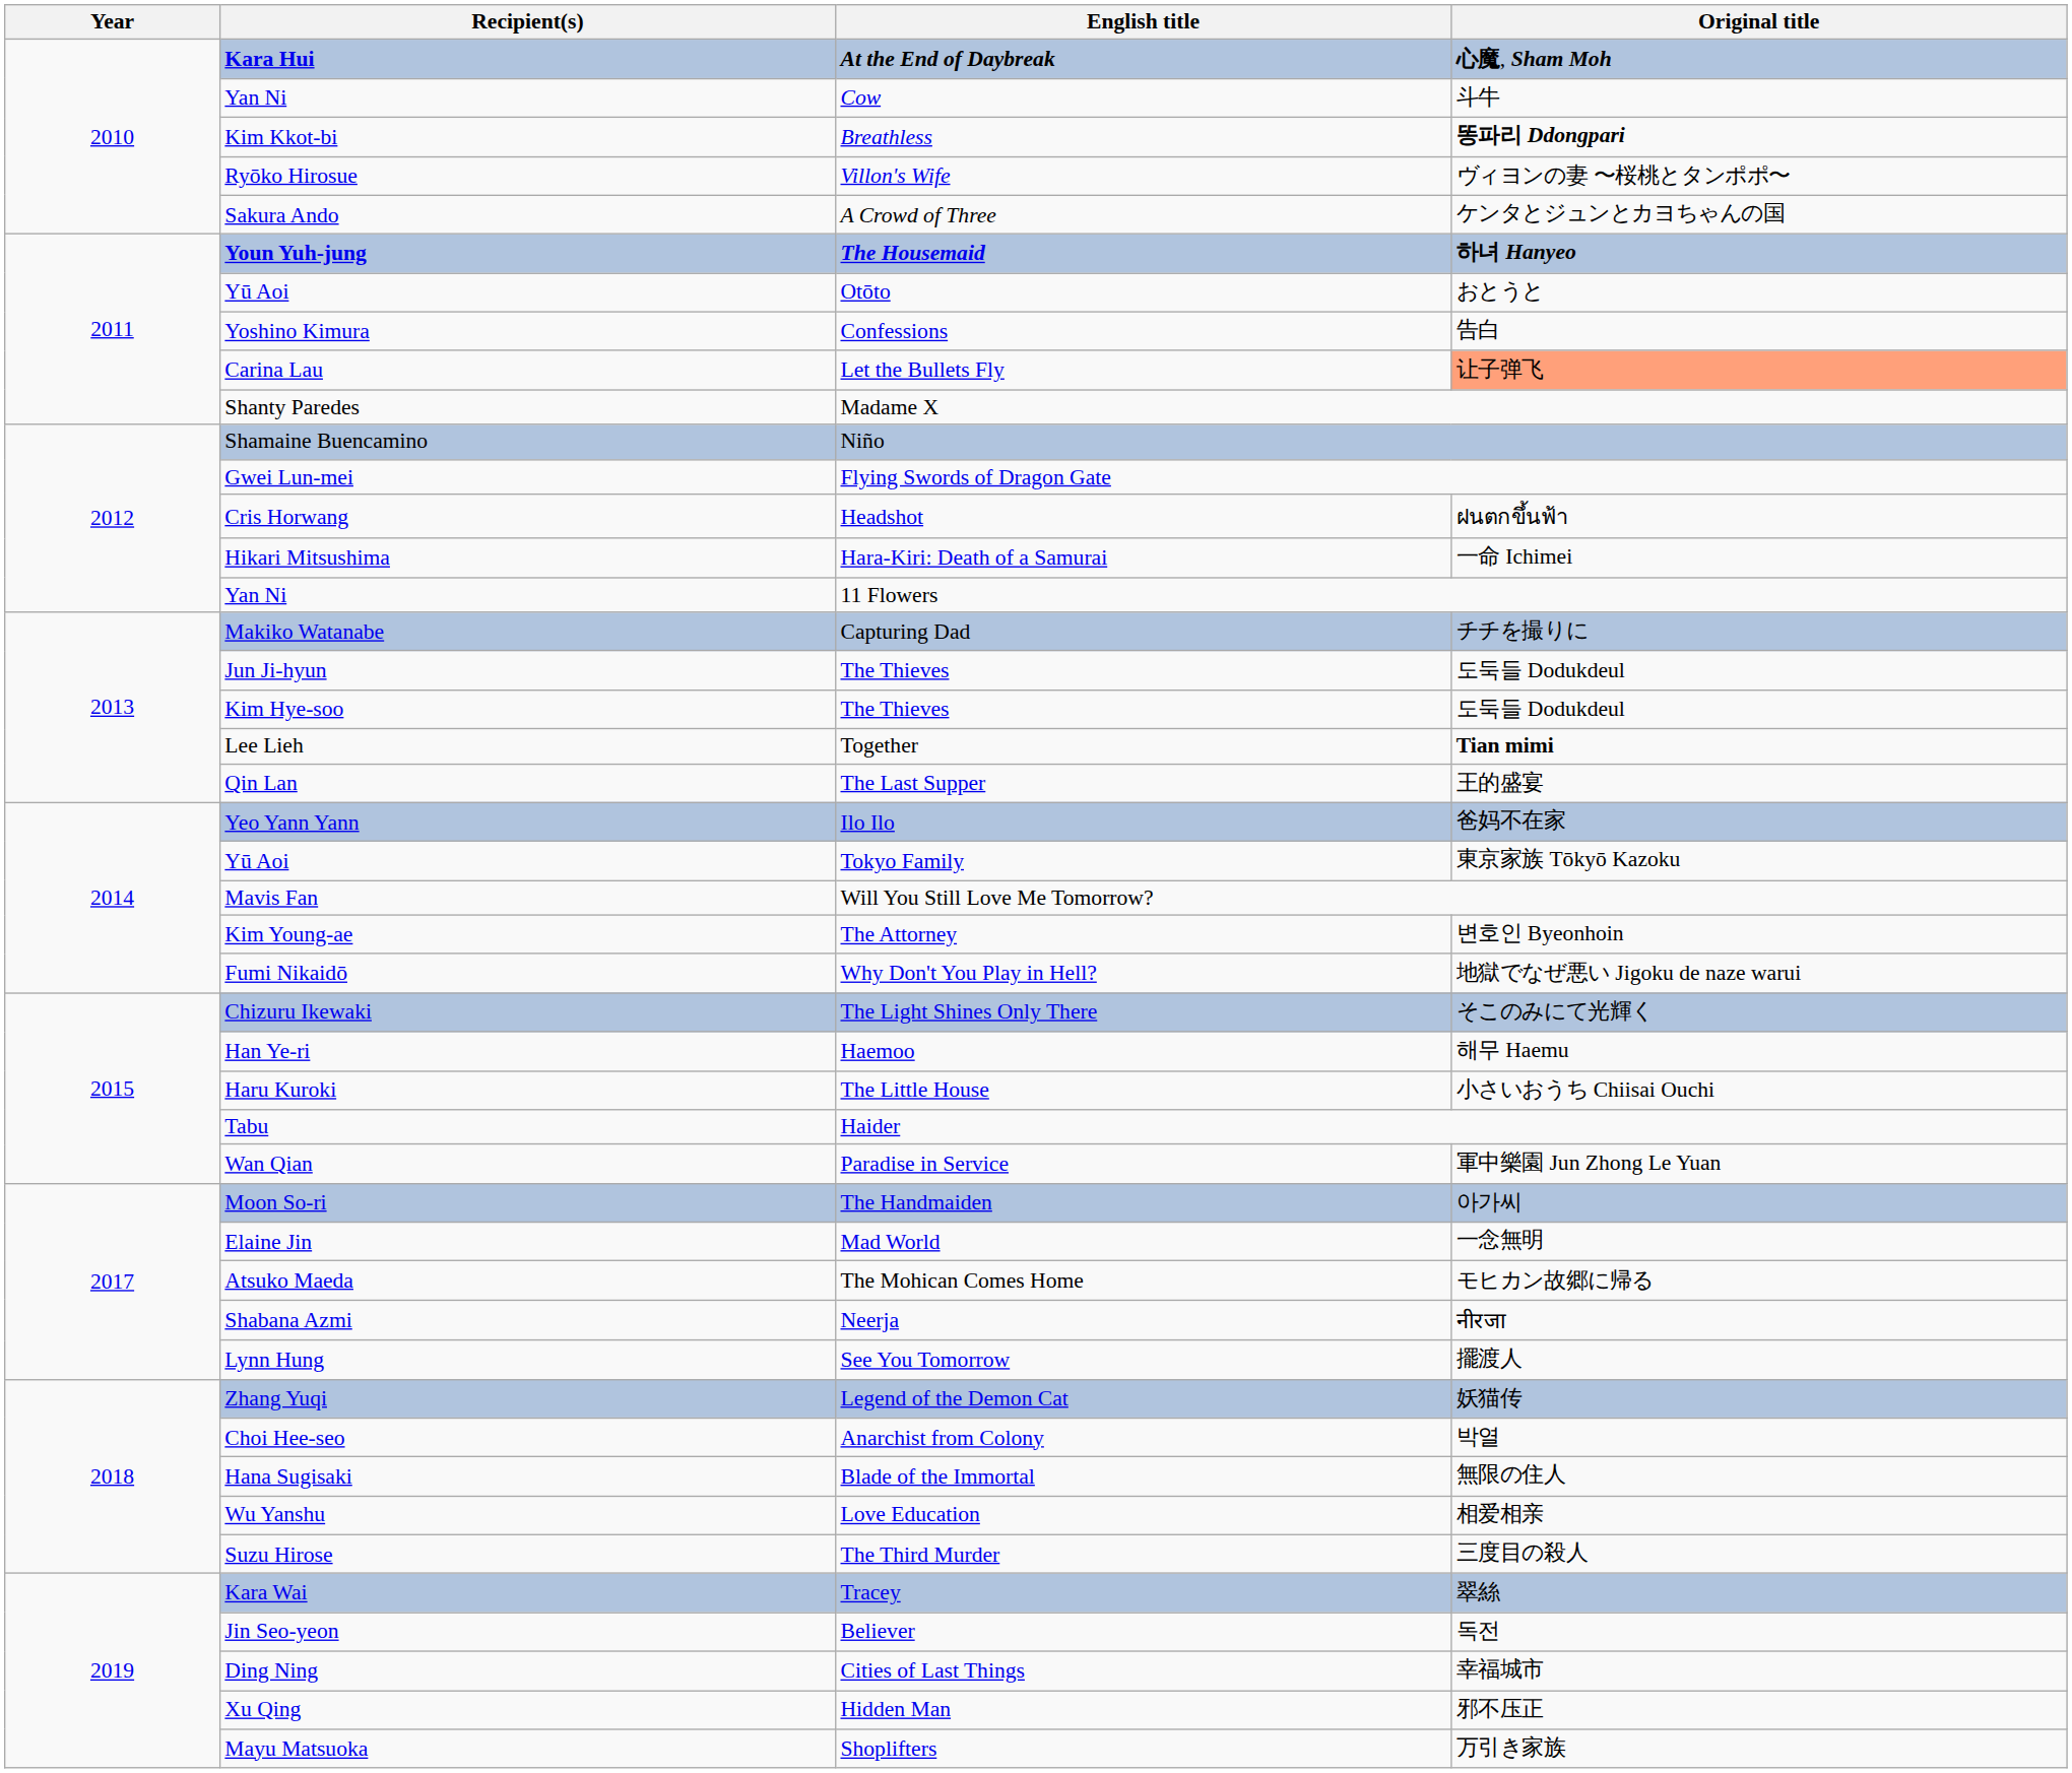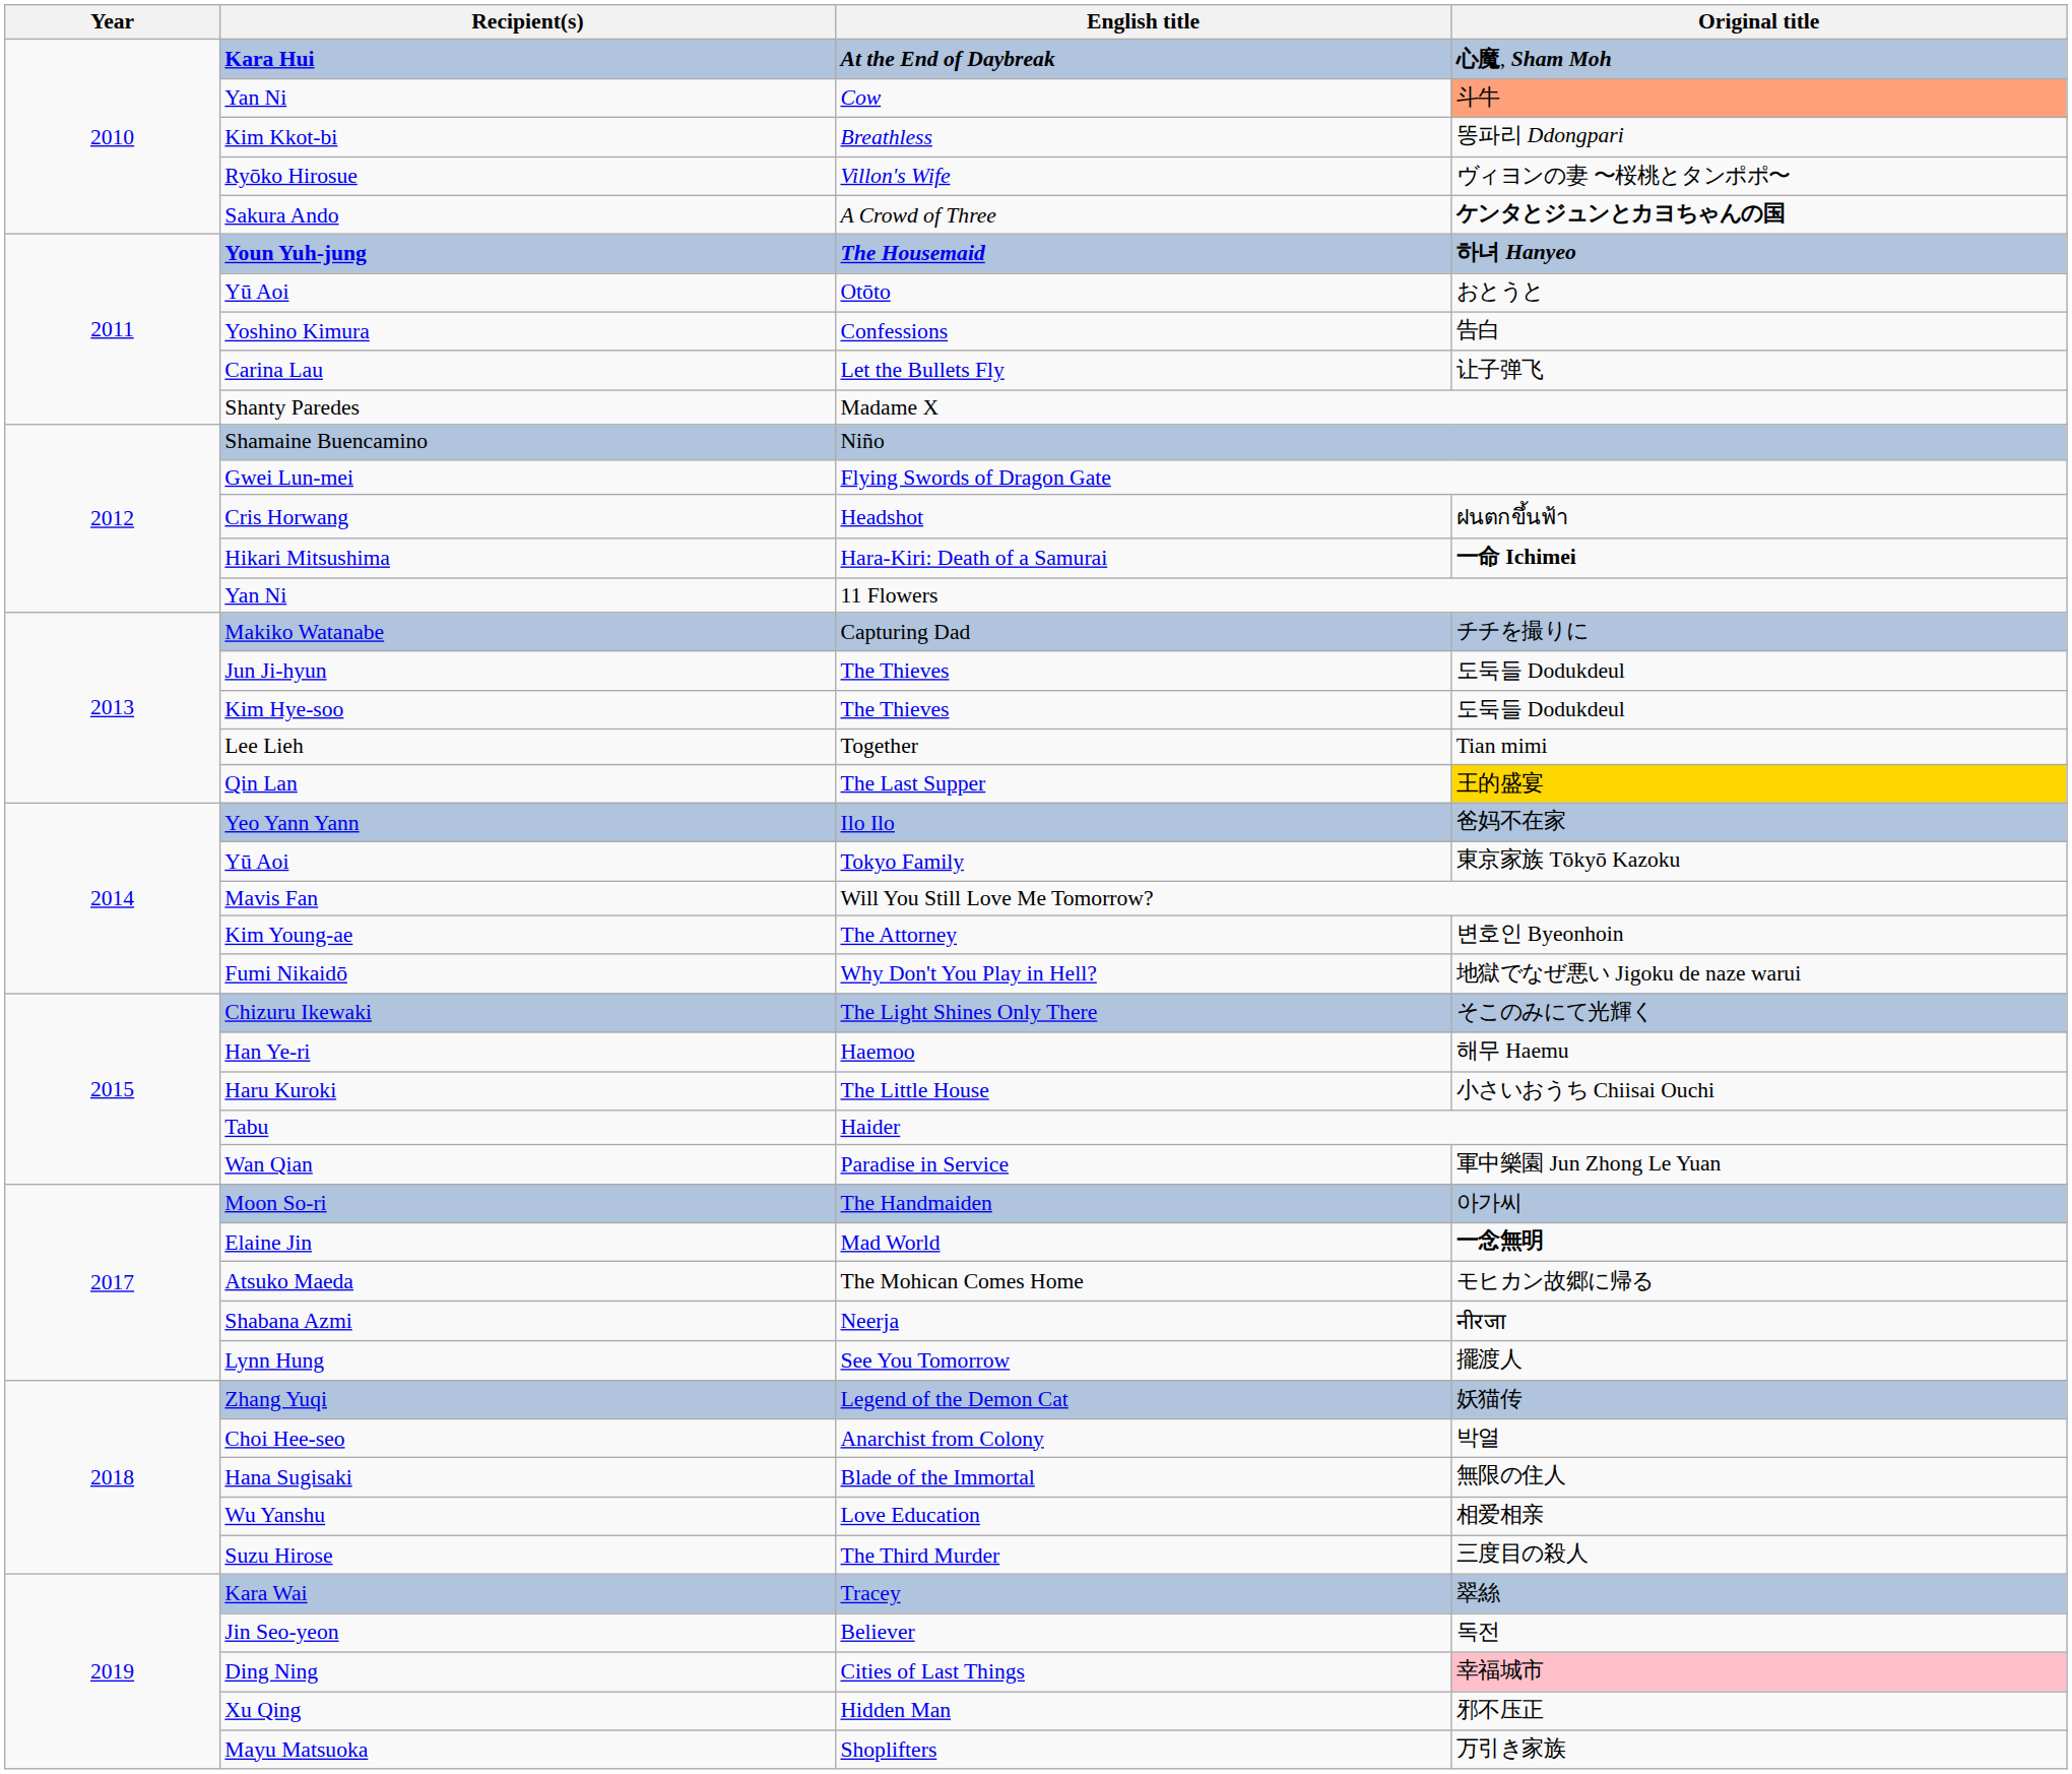 <table class="wikitable" width="95%" cellpadding="5">
 <tr>
 <th width="100"><strong>Year</strong></th>
 <th width="300"><strong>Recipient(s)</strong></th>
 <th width="300"><strong>English title</strong></th>
 <th width="300"><strong>Original title</strong></th>
 </tr>
 <tr>
 <td rowspan="5" style="text-align:center;"><a href='#'>2010</a></td>
 <td style="background:#B0C4DE;"> <strong><a href='#'>Kara Hui</a></strong></td>
 <td style="background:#B0C4DE;"><strong><em>At the End of Daybreak</em></strong></td>
 <td style="background:#B0C4DE;"><strong>心魔</strong>, <strong><em>Sham Moh</em></strong></td>
 </tr>
 <tr>
 <td> <a href='#'>Yan Ni</a></td>
 <td><em><a href='#'>Cow</a></em></td>
-<td>斗牛</td>
+<td style="background: lightsalmon;">斗牛</td>
 </tr>
 <tr>
 <td> <a href='#'>Kim Kkot-bi</a></td>
 <td><em><a href='#'>Breathless</a></em></td>
-<td><strong>똥파리 <em>Ddongpari</em></strong></td>
+<td>똥파리 <em>Ddongpari</em></td>
 </tr>
 <tr>
 <td> <a href='#'>Ryōko Hirosue</a></td>
 <td><em><a href='#'>Villon's Wife</a></em></td>
 <td>ヴィヨンの妻 〜桜桃とタンポポ〜</td>
 </tr>
 <tr>
 <td> <a href='#'>Sakura Ando</a></td>
 <td><em>A Crowd of Three</em></td>
-<td>ケンタとジュンとカヨちゃんの国</td>
+<td><strong>ケンタとジュンとカヨちゃんの国</strong></td>
 </tr>
 <tr>
 <td rowspan="5" style="text-align:center;"><a href='#'>2011</a></td>
 <td style="background:#B0C4DE;"> <strong><a href='#'>Youn Yuh-jung</a></strong></td>
 <td style="background:#B0C4DE;"><strong><em><a href='#'>The Housemaid</a></em></strong></td>
 <td style="background:#B0C4DE;"><strong>하녀 <em>Hanyeo<strong><em></td>
 </tr>
 <tr>
 <td> <a href='#'>Yū Aoi</a></td>
 <td></em><a href='#'>Otōto</a><em></td>
 <td>おとうと</td>
 </tr>
 <tr>
 <td> <a href='#'>Yoshino Kimura</a></td>
 <td></em><a href='#'>Confessions</a><em></td>
 <td>告白</td>
 </tr>
 <tr>
 <td> <a href='#'>Carina Lau</a></td>
 <td></em><a href='#'>Let the Bullets Fly</a><em></td>
-<td style="background: lightsalmon;">让子弹飞</td>
+<td>让子弹飞</td>
 </tr>
 <tr>
 <td> Shanty Paredes</td>
 <td colspan="2"></em>Madame X<em></td>
 </tr>
 <tr>
 <td rowspan="5" style="text-align:center;"><a href='#'>2012</a></td>
 <td style="background:#B0C4DE;"> </strong>Shamaine Buencamino<strong></td>
 <td colspan="2" style="background:#B0C4DE;"></em></strong>Niño<strong><em></td>
 </tr>
 <tr>
 <td> <a href='#'>Gwei Lun-mei</a></td>
 <td colspan="2"></em><a href='#'>Flying Swords of Dragon Gate</a><em></td>
 </tr>
 <tr>
 <td> <a href='#'>Cris Horwang</a></td>
 <td></em><a href='#'>Headshot</a><em></td>
 <td>ฝนตกขึ้นฟ้า</td>
 </tr>
 <tr>
 <td> <a href='#'>Hikari Mitsushima</a></td>
 <td></em><a href='#'>Hara-Kiri: Death of a Samurai</a><em></td>
-<td>一命 </em>Ichimei<em></td>
+<td><strong>一命 </em>Ichimei<em></strong></td>
 </tr>
 <tr>
 <td> <a href='#'>Yan Ni</a></td>
 <td colspan="2"></em>11 Flowers<em></td>
 </tr>
 <tr>
 <td rowspan="5" style="text-align:center;"><a href='#'>2013</a></td>
 <td style="background:#B0C4DE;"> </strong><a href='#'>Makiko Watanabe</a><strong></td>
 <td style="background:#B0C4DE;"></em></strong>Capturing Dad<strong><em></td>
 <td style="background:#B0C4DE;"></strong>チチを撮りに<strong></td>
 </tr>
 <tr>
 <td> <a href='#'>Jun Ji-hyun</a></td>
 <td></em><a href='#'>The Thieves</a><em></td>
 <td>도둑들 </em>Dodukdeul<em></td>
 </tr>
 <tr>
 <td> <a href='#'>Kim Hye-soo</a></td>
 <td></em><a href='#'>The Thieves</a><em></td>
 <td>도둑들 </em>Dodukdeul<em></td>
 </tr>
 <tr>
 <td> Lee Lieh</td>
 <td></em>Together<em></td>
-<td><strong></em>Tian mimi<em></strong></td>
+<td></em>Tian mimi<em></td>
 </tr>
 <tr>
 <td> <a href='#'>Qin Lan</a></td>
 <td></em><a href='#'>The Last Supper</a><em></td>
-<td>王的盛宴</td>
+<td style="background: gold;">王的盛宴</td>
 </tr>
 <tr>
 <td rowspan="5" style="text-align:center;"><a href='#'>2014</a></td>
 <td style="background:#B0C4DE;"> </strong><a href='#'>Yeo Yann Yann</a><strong></td>
 <td style="background:#B0C4DE;"></em></strong><a href='#'>Ilo Ilo</a><strong><em></td>
 <td style="background:#B0C4DE;"></strong>爸妈不在家<strong></td>
 </tr>
 <tr>
 <td> <a href='#'>Yū Aoi</a></td>
 <td></em><a href='#'>Tokyo Family</a><em></td>
 <td>東京家族 </em>Tōkyō Kazoku<em></td>
 </tr>
 <tr>
 <td> <a href='#'>Mavis Fan</a></td>
 <td colspan="2"></em>Will You Still Love Me Tomorrow?<em></td>
 </tr>
 <tr>
 <td> <a href='#'>Kim Young-ae</a></td>
 <td></em><a href='#'>The Attorney</a><em></td>
 <td>변호인 </em>Byeonhoin<em></td>
 </tr>
 <tr>
 <td> <a href='#'>Fumi Nikaidō</a></td>
 <td></em><a href='#'>Why Don't You Play in Hell?</a><em></td>
 <td>地獄でなぜ悪い </em>Jigoku de naze warui<em></td>
 </tr>
 <tr>
 <td rowspan="5" style="text-align:center;"><a href='#'>2015</a></td>
 <td style="background:#B0C4DE;"> </strong><a href='#'>Chizuru Ikewaki</a><strong></td>
 <td style="background:#B0C4DE;"></em></strong><a href='#'>The Light Shines Only There</a><strong><em></td>
 <td style="background:#B0C4DE;"></strong>そこのみにて光輝く<strong></td>
 </tr>
 <tr>
 <td> <a href='#'>Han Ye-ri</a></td>
 <td></em><a href='#'>Haemoo</a><em></td>
 <td>해무 </em>Haemu<em></td>
 </tr>
 <tr>
 <td> <a href='#'>Haru Kuroki</a></td>
 <td></em><a href='#'>The Little House</a><em></td>
 <td>小さいおうち </em>Chiisai Ouchi<em></td>
 </tr>
 <tr>
 <td> <a href='#'>Tabu</a></td>
 <td colspan="2"></em><a href='#'>Haider</a><em></td>
 </tr>
 <tr>
 <td> <a href='#'>Wan Qian</a></td>
 <td></em><a href='#'>Paradise in Service</a><em></td>
 <td>軍中樂園 </em>Jun Zhong Le Yuan<em></td>
 </tr>
 <tr>
 <td rowspan="5" style="text-align:center;"><a href='#'>2017</a></td>
 <td style="background:#B0C4DE;"> </strong><a href='#'>Moon So-ri</a><strong></td>
 <td style="background:#B0C4DE;"></em></strong><a href='#'>The Handmaiden</a><strong><em></td>
 <td style="background:#B0C4DE;"></strong>아가씨<strong></td>
 </tr>
 <tr>
 <td> <a href='#'>Elaine Jin</a></td>
 <td></em><a href='#'>Mad World</a><em></td>
-<td>一念無明</td>
+<td><strong>一念無明</strong></td>
 </tr>
 <tr>
 <td> <a href='#'>Atsuko Maeda</a></td>
 <td></em>The Mohican Comes Home<em></td>
 <td>モヒカン故郷に帰る</td>
 </tr>
 <tr>
 <td> <a href='#'>Shabana Azmi</a></td>
 <td></em><a href='#'>Neerja</a><em></td>
 <td>नीरजा</td>
 </tr>
 <tr>
 <td> <a href='#'>Lynn Hung</a></td>
 <td></em><a href='#'>See You Tomorrow</a><em></td>
 <td>擺渡人</td>
 </tr>
 <tr>
 <td rowspan="5" style="text-align:center;"><a href='#'>2018</a></td>
 <td style="background:#B0C4DE;"> </strong><a href='#'>Zhang Yuqi</a><strong></td>
 <td style="background:#B0C4DE;"></em></strong><a href='#'>Legend of the Demon Cat</a><strong><em></td>
 <td style="background:#B0C4DE;"></strong>妖猫传<strong></td>
 </tr>
 <tr>
 <td> <a href='#'>Choi Hee-seo</a></td>
 <td></em><a href='#'>Anarchist from Colony</a><em></td>
 <td>박열</td>
 </tr>
 <tr>
 <td> <a href='#'>Hana Sugisaki</a></td>
 <td></em><a href='#'>Blade of the Immortal</a><em></td>
 <td>無限の住人</td>
 </tr>
 <tr>
 <td> <a href='#'>Wu Yanshu</a></td>
 <td></em><a href='#'>Love Education</a><em></td>
 <td>相爱相亲</td>
 </tr>
 <tr>
 <td> <a href='#'>Suzu Hirose</a></td>
 <td></em><a href='#'>The Third Murder</a><em></td>
 <td>三度目の殺人</td>
 </tr>
 <tr>
 <td rowspan="5" style="text-align:center;"><a href='#'>2019</a></td>
 <td style="background:#B0C4DE;"> </strong><a href='#'>Kara Wai</a><strong></td>
 <td style="background:#B0C4DE;"></em></strong><a href='#'>Tracey</a><strong><em></td>
 <td style="background:#B0C4DE;"></strong>翠絲<strong></td>
 </tr>
 <tr>
 <td> <a href='#'>Jin Seo-yeon</a></td>
 <td></em><a href='#'>Believer</a><em></td>
 <td>독전</td>
 </tr>
 <tr>
 <td> <a href='#'>Ding Ning</a></td>
 <td></em><a href='#'>Cities of Last Things</a><em></td>
-<td>幸福城市</td>
+<td style="background: pink;">幸福城市</td>
 </tr>
 <tr>
 <td> <a href='#'>Xu Qing</a></td>
 <td></em><a href='#'>Hidden Man</a><em></td>
 <td>邪不压正</td>
 </tr>
 <tr>
 <td> <a href='#'>Mayu Matsuoka</a></td>
 <td></em><a href='#'>Shoplifters</a><em></td>
 <td>万引き家族</td>
 </tr>
 </table>
